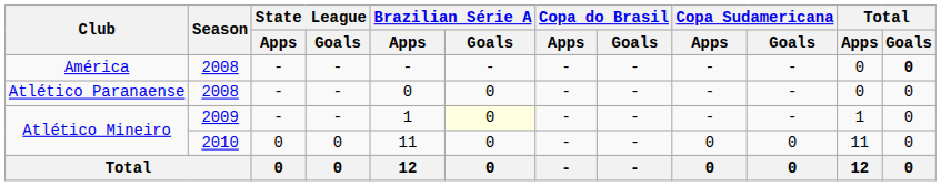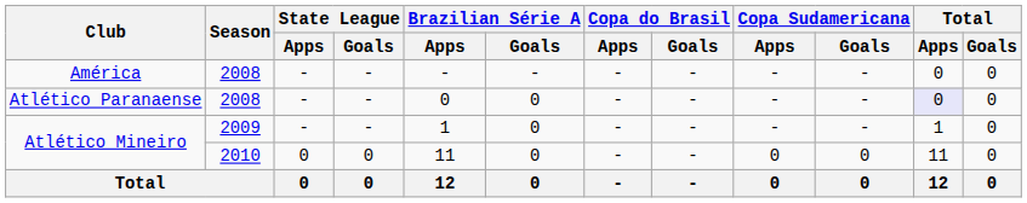 <table class="wikitable" style="text-align: center;">
 <tr>
 <th rowspan="2">Club</th>
 <th rowspan="2">Season</th>
 <th colspan="2">State League</th>
 <th colspan="2"><a href='#'>Brazilian Série A</a></th>
 <th colspan="2"><a href='#'>Copa do Brasil</a></th>
 <th colspan="2"><a href='#'>Copa Sudamericana</a></th>
 <th colspan="2">Total</th>
 </tr>
 <tr>
 <th>Apps</th>
 <th>Goals</th>
 <th>Apps</th>
 <th>Goals</th>
 <th>Apps</th>
 <th>Goals</th>
 <th>Apps</th>
 <th>Goals</th>
 <th>Apps</th>
 <th>Goals</th>
 </tr>
 <tr>
 <td rowspan="1" valign="center"><a href='#'>América</a></td>
 <td><a href='#'>2008</a></td>
 <td>-</td>
 <td>-</td>
 <td>-</td>
 <td>-</td>
 <td>-</td>
 <td>-</td>
 <td>-</td>
 <td>-</td>
 <td>0</td>
-<td><strong>0</strong></td>
+<td>0</td>
 </tr>
 <tr>
 <td rowspan="1" valign="center"><a href='#'>Atlético Paranaense</a></td>
 <td><a href='#'>2008</a></td>
 <td>-</td>
 <td>-</td>
 <td>0</td>
 <td>0</td>
 <td>-</td>
 <td>-</td>
 <td>-</td>
 <td>-</td>
-<td>0</td>
+<td style="background: lavender;">0</td>
 <td>0</td>
 </tr>
 <tr>
 <td rowspan="2" valign="center"><a href='#'>Atlético Mineiro</a></td>
 <td><a href='#'>2009</a></td>
 <td>-</td>
 <td>-</td>
 <td>1</td>
-<td style="background: lightyellow;">0</td>
+<td>0</td>
 <td>-</td>
 <td>-</td>
 <td>-</td>
 <td>-</td>
 <td>1</td>
 <td>0</td>
 </tr>
 <tr>
 <td><a href='#'>2010</a></td>
 <td>0</td>
 <td>0</td>
 <td>11</td>
 <td>0</td>
 <td>-</td>
 <td>-</td>
 <td>0</td>
 <td>0</td>
 <td>11</td>
 <td>0</td>
 </tr>
 <tr>
 <th colspan="2"><strong>Total</strong></th>
 <th>0</th>
 <th>0</th>
 <th>12</th>
 <th>0</th>
 <th>-</th>
 <th>-</th>
 <th>0</th>
 <th>0</th>
 <th>12</th>
 <th>0</th>
 </tr>
 </table>
